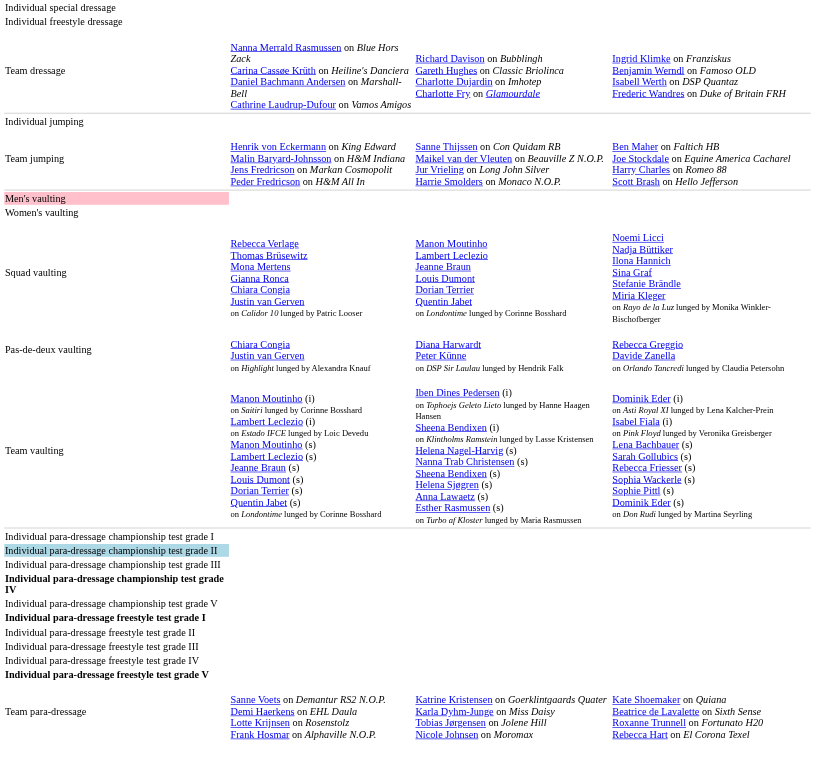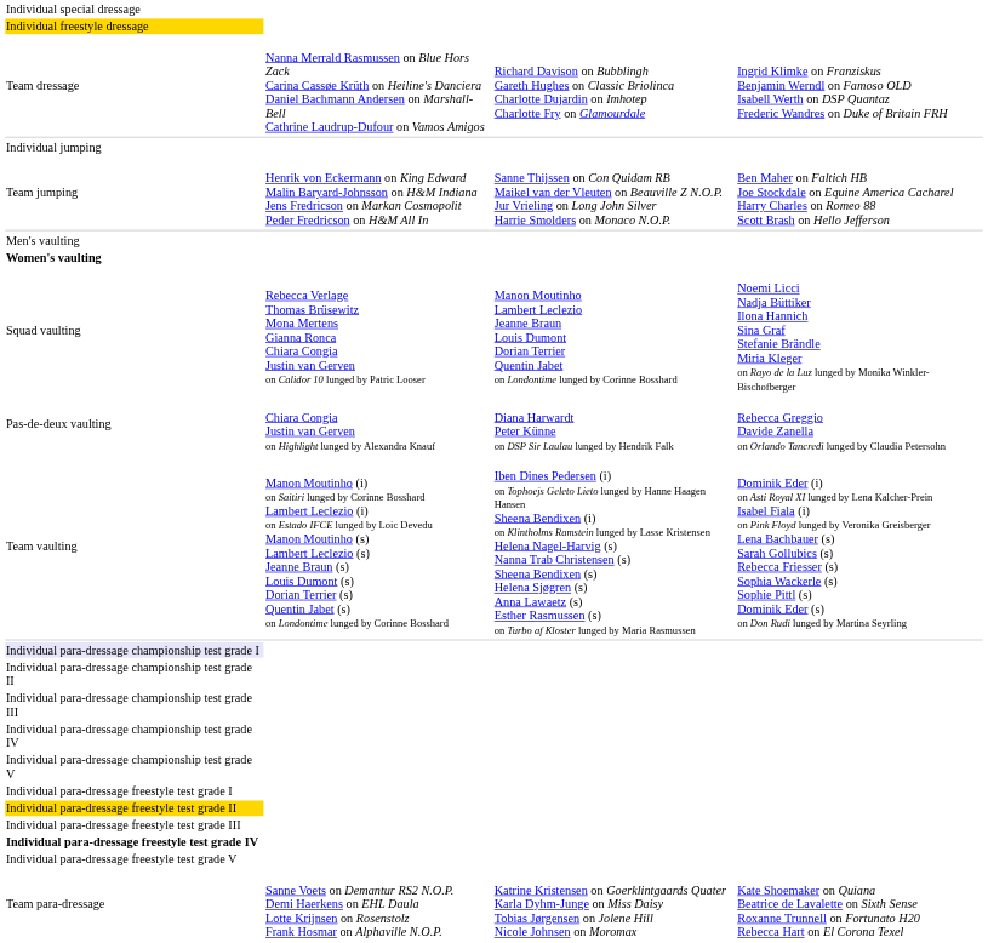 <table>
 <tr>
 <td>Individual special dressage<br></td>
 <td></td>
 <td></td>
 <td></td>
 </tr>
 <tr>
-<td>Individual freestyle dressage<br></td>
+<td style="background: gold;">Individual freestyle dressage<br></td>
 <td></td>
 <td></td>
 <td></td>
 </tr>
 <tr>
 <td>Team dressage<br></td>
 <td><br><a href='#'>Nanna Merrald Rasmussen</a> on <em>Blue Hors Zack</em><br><a href='#'>Carina Cassøe Krüth</a> on <em>Heiline's Danciera</em><br><a href='#'>Daniel Bachmann Andersen</a> on <em>Marshall-Bell</em><br><a href='#'>Cathrine Laudrup-Dufour</a> on <em>Vamos Amigos</em></td>
 <td><br><a href='#'>Richard Davison</a> on <em>Bubblingh</em><br><a href='#'>Gareth Hughes</a> on <em>Classic Briolinca</em><br><a href='#'>Charlotte Dujardin</a> on <em>Imhotep</em><br><a href='#'>Charlotte Fry</a> on <em><a href='#'>Glamourdale</a></em></td>
 <td><br><a href='#'>Ingrid Klimke</a> on <em>Franziskus</em><br><a href='#'>Benjamin Werndl</a> on <em>Famoso OLD</em><br><a href='#'>Isabell Werth</a> on <em>DSP Quantaz</em><br><a href='#'>Frederic Wandres</a> on <em>Duke of Britain FRH</em></td>
 </tr>
 <tr bgcolor=#DDDDDD>
 <td colspan=7></td>
 </tr>
 <tr>
 <td>Individual jumping<br></td>
 <td></td>
 <td></td>
 <td></td>
 </tr>
 <tr>
 <td>Team jumping<br></td>
 <td><br><a href='#'>Henrik von Eckermann</a> on <em>King Edward</em><br><a href='#'>Malin Baryard-Johnsson</a> on <em>H&M Indiana</em><br><a href='#'>Jens Fredricson</a> on <em>Markan Cosmopolit</em><br><a href='#'>Peder Fredricson</a> on <em>H&M All In</em></td>
 <td><br><a href='#'>Sanne Thijssen</a> on <em>Con Quidam RB</em><br><a href='#'>Maikel van der Vleuten</a> on <em>Beauville Z N.O.P.</em><br><a href='#'>Jur Vrieling</a> on <em>Long John Silver</em><br><a href='#'>Harrie Smolders</a> on <em>Monaco N.O.P.</em></td>
 <td><br><a href='#'>Ben Maher</a> on <em>Faltich HB</em><br><a href='#'>Joe Stockdale</a> on <em>Equine America Cacharel</em><br><a href='#'>Harry Charles</a> on <em>Romeo 88</em><br><a href='#'>Scott Brash</a> on <em>Hello Jefferson</em></td>
 </tr>
 <tr bgcolor=#DDDDDD>
 <td colspan=7></td>
 </tr>
 <tr>
-<td style="background: pink;">Men's vaulting<br></td>
+<td>Men's vaulting<br></td>
 <td></td>
 <td></td>
 <td></td>
 </tr>
 <tr>
-<td>Women's vaulting<br></td>
+<td><strong>Women's vaulting<br></strong></td>
 <td></td>
 <td></td>
 <td></td>
 </tr>
 <tr>
 <td>Squad vaulting<br></td>
 <td><br><a href='#'>Rebecca Verlage</a><br><a href='#'>Thomas Brüsewitz</a><br><a href='#'>Mona Mertens</a><br><a href='#'>Gianna Ronca</a><br><a href='#'>Chiara Congia</a><br><a href='#'>Justin van Gerven</a><br><small>on <em>Calidor 10</em> lunged by Patric Looser</small></td>
 <td><br><a href='#'>Manon Moutinho</a><br><a href='#'>Lambert Leclezio</a><br><a href='#'>Jeanne Braun</a><br><a href='#'>Louis Dumont</a><br><a href='#'>Dorian Terrier</a><br><a href='#'>Quentin Jabet</a><br><small>on <em>Londontime</em> lunged by Corinne Bosshard</small></td>
 <td><br><a href='#'>Noemi Licci</a><br><a href='#'>Nadja Büttiker</a><br><a href='#'>Ilona Hannich</a><br><a href='#'>Sina Graf</a><br><a href='#'>Stefanie Brändle</a><br><a href='#'>Miria Kleger</a><br><small>on <em>Rayo de la Luz</em> lunged by Monika Winkler-Bischofberger</small></td>
 </tr>
 <tr>
 <td>Pas-de-deux vaulting<br></td>
 <td><br><a href='#'>Chiara Congia</a><br><a href='#'>Justin van Gerven</a><br><small>on <em>Highlight</em> lunged by Alexandra Knauf</small></td>
 <td><br><a href='#'>Diana Harwardt</a><br><a href='#'>Peter Künne</a><br><small>on <em> DSP Sir Laulau</em> lunged by Hendrik Falk</small></td>
 <td><br><a href='#'>Rebecca Greggio</a><br><a href='#'>Davide Zanella</a><br><small>on <em>Orlando Tancredi</em> lunged by Claudia Petersohn</small></td>
 </tr>
 <tr>
 <td>Team vaulting<br></td>
 <td><br><a href='#'>Manon Moutinho</a> (i)<br><small>on <em>Saitiri</em> lunged by Corinne Bosshard</small><br><a href='#'>Lambert Leclezio</a> (i)<br><small>on <em>Estado IFCE</em> lunged by Loic Devedu</small><br><a href='#'>Manon Moutinho</a> (s)<br><a href='#'>Lambert Leclezio</a> (s)<br><a href='#'>Jeanne Braun</a> (s)<br><a href='#'>Louis Dumont</a> (s)<br><a href='#'>Dorian Terrier</a> (s)<br><a href='#'>Quentin Jabet</a> (s)<br><small>on <em>Londontime</em> lunged by Corinne Bosshard</small></td>
 <td><br><a href='#'>Iben Dines Pedersen</a> (i)<br><small>on <em>Tophoejs Geleto Lieto</em> lunged by Hanne Haagen Hansen</small><br><a href='#'>Sheena Bendixen</a> (i)<br><small>on <em>Klintholms Ramstein</em> lunged by Lasse Kristensen</small><br><a href='#'>Helena Nagel-Harvig</a> (s)<br><a href='#'>Nanna Trab Christensen</a> (s)<br><a href='#'>Sheena Bendixen</a> (s)<br><a href='#'>Helena Sjøgren</a> (s)<br><a href='#'>Anna Lawaetz</a> (s)<br><a href='#'>Esther Rasmussen</a> (s)<br><small>on <em>Turbo af Kloster</em> lunged by Maria Rasmussen</small></td>
 <td><br><a href='#'>Dominik Eder</a> (i)<br><small>on <em>Asti Royal XI</em> lunged by Lena Kalcher-Prein</small><br><a href='#'>Isabel Fiala</a> (i)<br><small>on <em>Pink Floyd</em> lunged by Veronika Greisberger</small><br><a href='#'>Lena Bachbauer</a> (s)<br><a href='#'>Sarah Gollubics</a> (s)<br><a href='#'>Rebecca Friesser</a> (s)<br><a href='#'>Sophia Wackerle</a> (s)<br><a href='#'>Sophie Pittl</a> (s)<br><a href='#'>Dominik Eder</a> (s)<br><small>on <em>Don Rudi</em> lunged by Martina Seyrling</small></td>
 </tr>
 <tr bgcolor=#DDDDDD>
 <td colspan=7></td>
 </tr>
 <tr>
-<td>Individual para-dressage championship test grade I<br></td>
+<td style="background: lavender;">Individual para-dressage championship test grade I<br></td>
 <td></td>
 <td></td>
 <td></td>
 </tr>
 <tr>
-<td style="background: lightblue;">Individual para-dressage championship test grade II<br></td>
+<td>Individual para-dressage championship test grade II<br></td>
 <td></td>
 <td></td>
 <td></td>
 </tr>
 <tr>
 <td>Individual para-dressage championship test grade III<br></td>
 <td></td>
 <td></td>
 <td></td>
 </tr>
 <tr>
-<td><strong>Individual para-dressage championship test grade IV<br></strong></td>
+<td>Individual para-dressage championship test grade IV<br></td>
 <td></td>
 <td></td>
 <td></td>
 </tr>
 <tr>
 <td>Individual para-dressage championship test grade V<br></td>
 <td></td>
 <td></td>
 <td></td>
 </tr>
 <tr>
-<td><strong>Individual para-dressage freestyle test grade I<br></strong></td>
+<td>Individual para-dressage freestyle test grade I<br></td>
 <td></td>
 <td></td>
 <td></td>
 </tr>
 <tr>
-<td>Individual para-dressage freestyle test grade II<br></td>
+<td style="background: gold;">Individual para-dressage freestyle test grade II<br></td>
 <td></td>
 <td></td>
 <td></td>
 </tr>
 <tr>
 <td>Individual para-dressage freestyle test grade III<br></td>
 <td></td>
 <td></td>
 <td></td>
 </tr>
 <tr>
-<td>Individual para-dressage freestyle test grade IV<br></td>
+<td><strong>Individual para-dressage freestyle test grade IV<br></strong></td>
 <td></td>
 <td></td>
 <td></td>
 </tr>
 <tr>
-<td><strong>Individual para-dressage freestyle test grade V<br></strong></td>
+<td>Individual para-dressage freestyle test grade V<br></td>
 <td></td>
 <td></td>
 <td></td>
 </tr>
 <tr>
 <td>Team para-dressage<br></td>
 <td><br><a href='#'>Sanne Voets</a> on <em>Demantur RS2 N.O.P.</em><br><a href='#'>Demi Haerkens</a> on <em>EHL Daula</em><br><a href='#'>Lotte Krijnsen</a> on <em>Rosenstolz</em><br><a href='#'>Frank Hosmar</a> on <em>Alphaville N.O.P.</em></td>
 <td><br><a href='#'>Katrine Kristensen</a> on <em>Goerklintgaards Quater</em><br><a href='#'>Karla Dyhm-Junge</a> on <em>Miss Daisy</em><br><a href='#'>Tobias Jørgensen</a> on <em>Jolene Hill</em><br><a href='#'>Nicole Johnsen</a> on <em>Moromax</em></td>
 <td><br><a href='#'>Kate Shoemaker</a> on <em>Quiana</em><br><a href='#'>Beatrice de Lavalette</a> on <em>Sixth Sense</em><br><a href='#'>Roxanne Trunnell</a> on <em>Fortunato H20</em><br><a href='#'>Rebecca Hart</a> on <em>El Corona Texel</em></td>
 </tr>
 </table>
